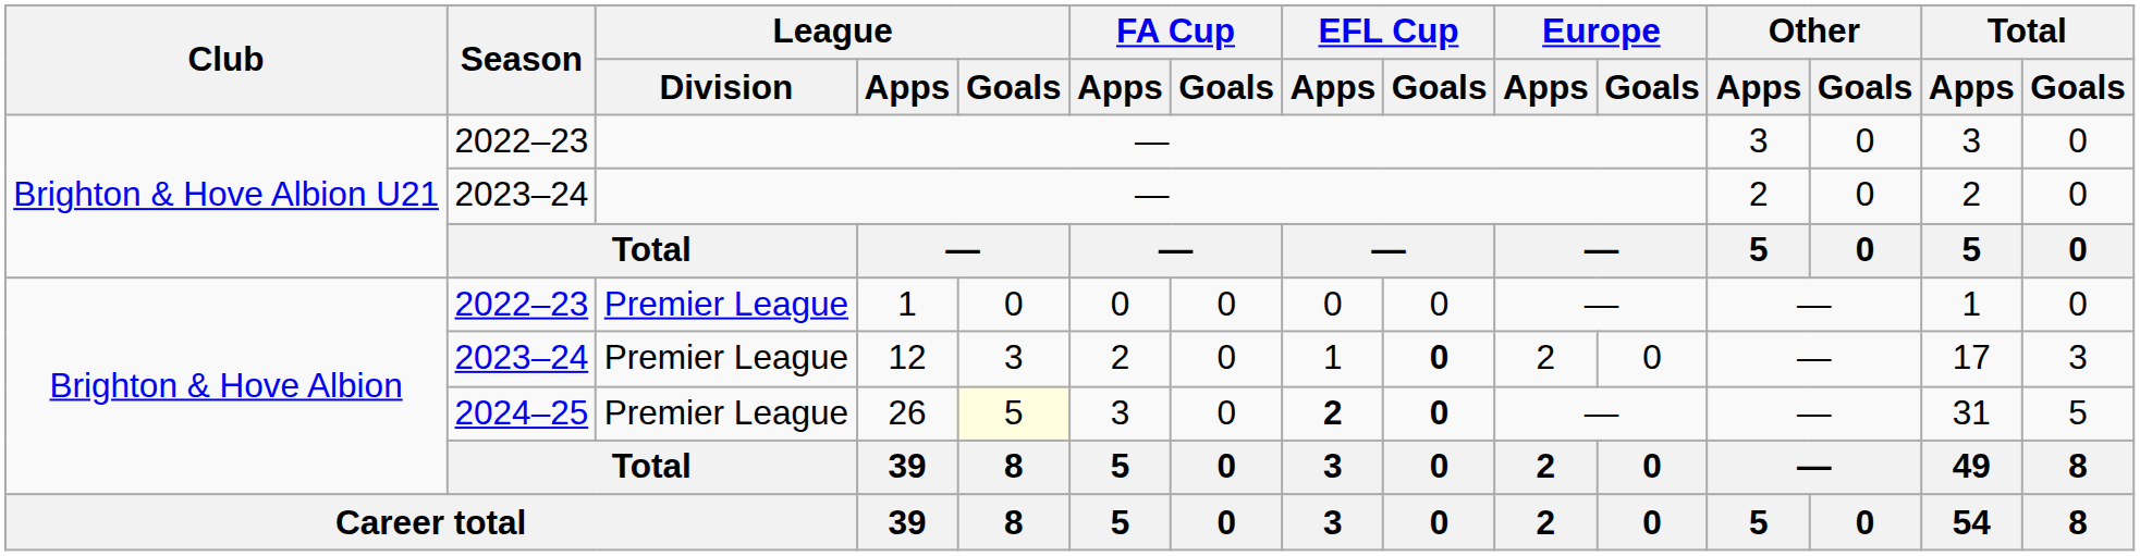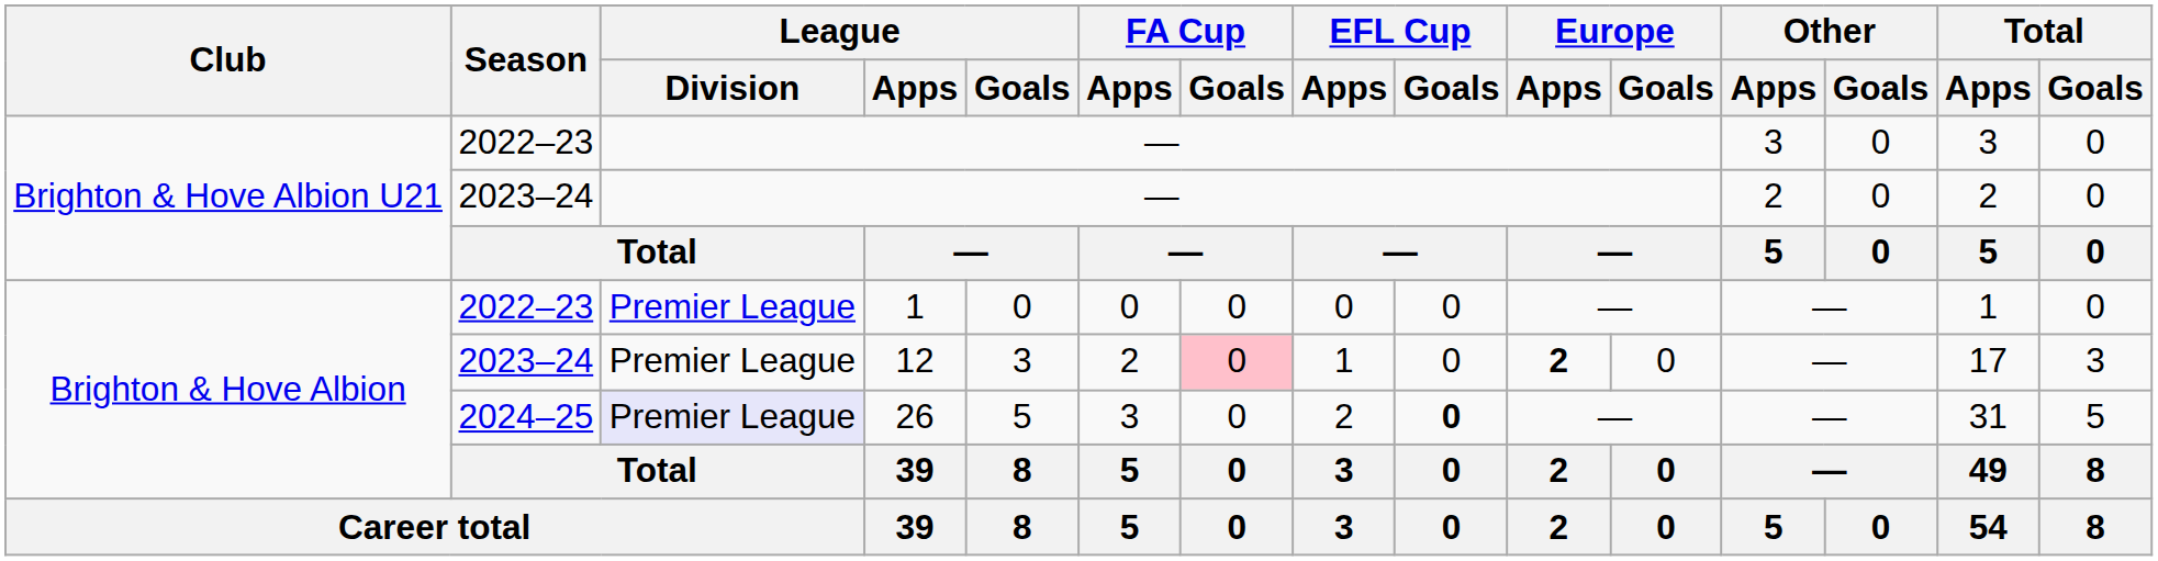 <table class="wikitable" style="text-align: center;">
 <tr>
 <th rowspan=2>Club</th>
 <th rowspan=2>Season</th>
 <th colspan=3>League</th>
 <th colspan=2><a href='#'>FA Cup</a></th>
 <th colspan=2><a href='#'>EFL Cup</a></th>
 <th colspan=2><a href='#'>Europe</a></th>
 <th colspan=2>Other</th>
 <th colspan=2>Total</th>
 </tr>
 <tr>
 <th>Division</th>
 <th>Apps</th>
 <th>Goals</th>
 <th>Apps</th>
 <th>Goals</th>
 <th>Apps</th>
 <th>Goals</th>
 <th>Apps</th>
 <th>Goals</th>
 <th>Apps</th>
 <th>Goals</th>
 <th>Apps</th>
 <th>Goals</th>
 </tr>
 <tr>
 <td rowspan=3><a href='#'>Brighton & Hove Albion U21</a></td>
 <td>2022–23</td>
 <td colspan=9>—</td>
 <td>3</td>
 <td>0</td>
 <td>3</td>
 <td>0</td>
 </tr>
 <tr>
 <td>2023–24</td>
 <td colspan=9>—</td>
 <td>2</td>
 <td>0</td>
 <td>2</td>
 <td>0</td>
 </tr>
 <tr>
 <th colspan=2>Total</th>
 <th colspan=2>—</th>
 <th colspan=2>—</th>
 <th colspan=2>—</th>
 <th colspan=2>—</th>
 <th>5</th>
 <th>0</th>
 <th>5</th>
 <th>0</th>
 </tr>
 <tr>
 <td rowspan=4><a href='#'>Brighton & Hove Albion</a></td>
 <td><a href='#'>2022–23</a></td>
 <td><a href='#'>Premier League</a></td>
 <td>1</td>
 <td>0</td>
 <td>0</td>
 <td>0</td>
 <td>0</td>
 <td>0</td>
 <td colspan=2>—</td>
 <td colspan=2>—</td>
 <td>1</td>
 <td>0</td>
 </tr>
 <tr>
 <td><a href='#'>2023–24</a></td>
 <td>Premier League</td>
 <td>12</td>
 <td>3</td>
 <td>2</td>
+<td style="background: pink;">0</td>
+<td>1</td>
 <td>0</td>
-<td>1</td>
-<td><strong>0</strong></td>
-<td>2</td>
+<td><strong>2</strong></td>
 <td>0</td>
 <td colspan=2>—</td>
 <td>17</td>
 <td>3</td>
 </tr>
 <tr>
 <td><a href='#'>2024–25</a></td>
-<td>Premier League</td>
+<td style="background: lavender;">Premier League</td>
 <td>26</td>
-<td style="background: lightyellow;">5</td>
+<td>5</td>
 <td>3</td>
 <td>0</td>
-<td><strong>2</strong></td>
+<td>2</td>
 <td><strong>0</strong></td>
 <td colspan=2>—</td>
 <td colspan=2>—</td>
 <td>31</td>
 <td>5</td>
 </tr>
 <tr>
 <th colspan=2>Total</th>
 <th>39</th>
 <th>8</th>
 <th>5</th>
 <th>0</th>
 <th>3</th>
 <th>0</th>
 <th>2</th>
 <th>0</th>
 <th colspan=2>—</th>
 <th>49</th>
 <th>8</th>
 </tr>
 <tr>
 <th colspan=3>Career total</th>
 <th>39</th>
 <th>8</th>
 <th>5</th>
 <th>0</th>
 <th>3</th>
 <th>0</th>
 <th>2</th>
 <th>0</th>
 <th>5</th>
 <th>0</th>
 <th>54</th>
 <th>8</th>
 </tr>
 </table>
